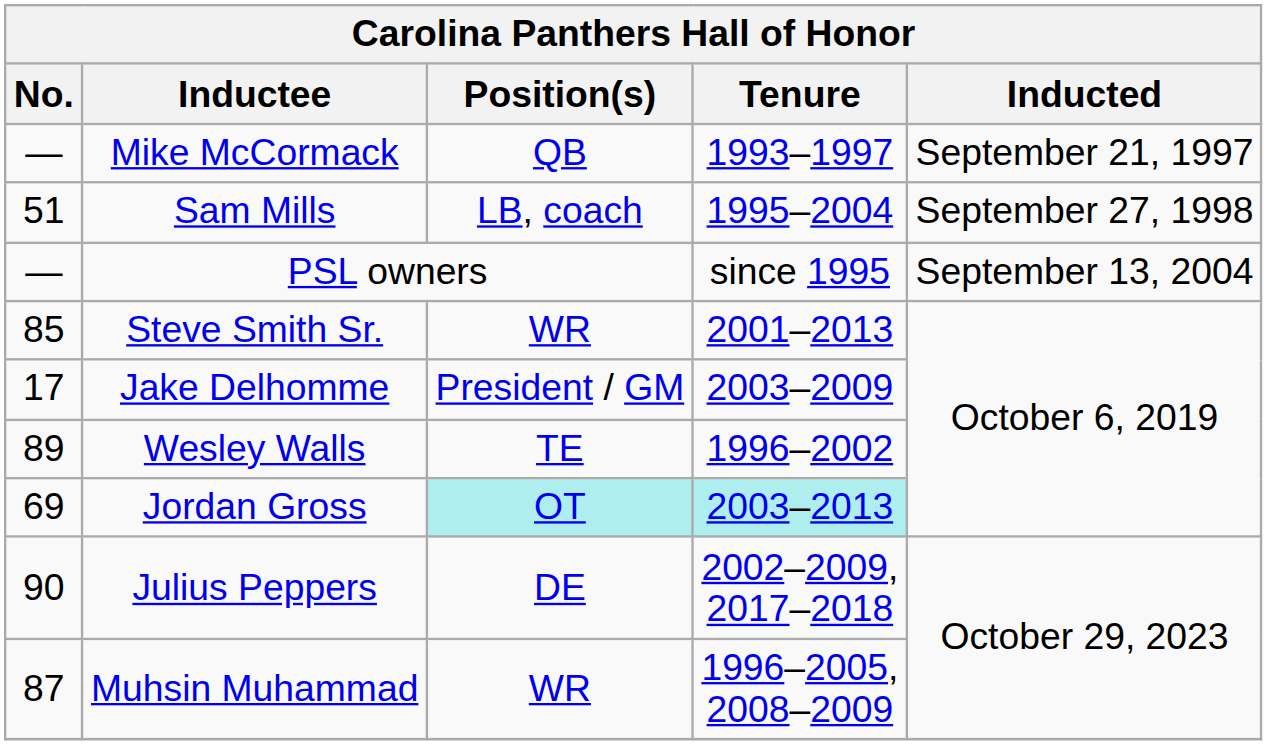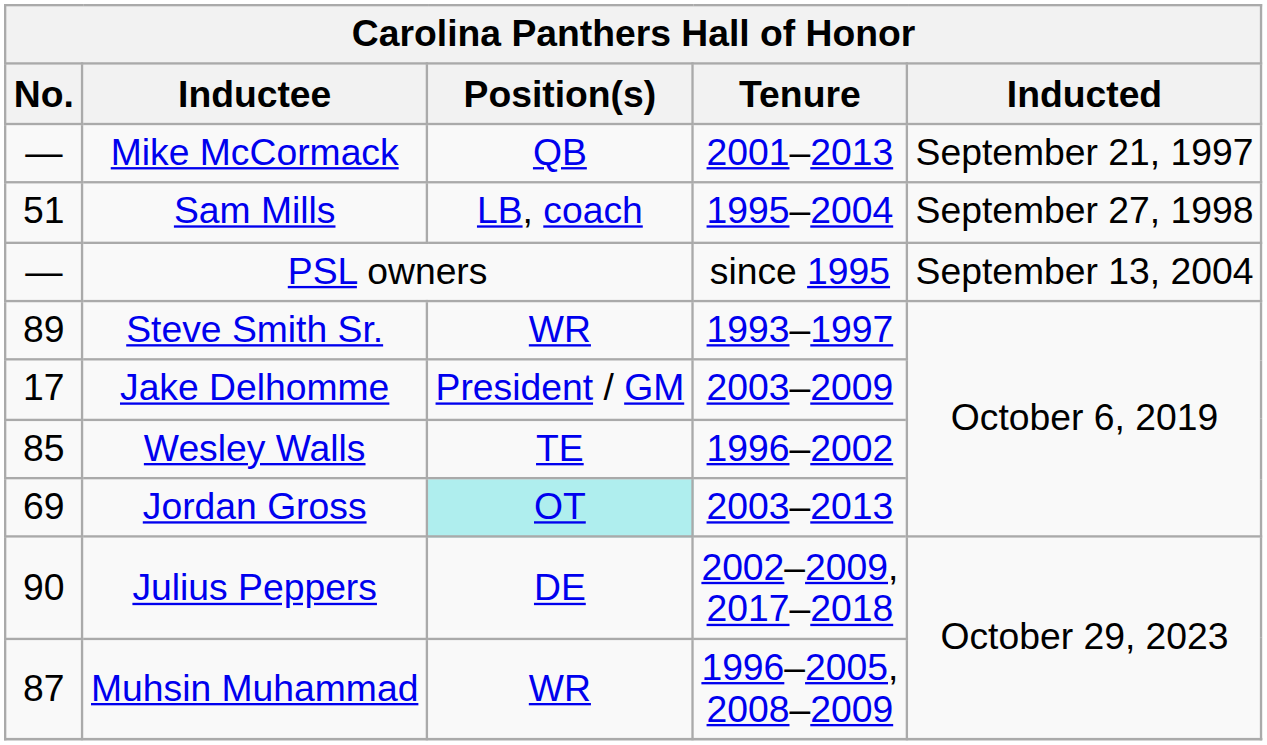 <table class="wikitable" style="text-align:center">
 <tr>
 <th colspan=5>Carolina Panthers Hall of Honor</th>
 </tr>
 <tr>
 <th>No.</th>
 <th>Inductee</th>
 <th>Position(s)</th>
 <th>Tenure</th>
 <th>Inducted</th>
 </tr>
 <tr>
 <td>—</td>
 <td><a href='#'>Mike McCormack</a></td>
 <td><a href='#'>QB</a></td>
-<td><a href='#'>1993</a>–<a href='#'>1997</a></td>
+<td><a href='#'>2001</a>–<a href='#'>2013</a></td>
 <td>September 21, 1997</td>
 </tr>
 <tr>
 <td>51</td>
 <td><a href='#'>Sam Mills</a></td>
 <td><a href='#'>LB</a>, <a href='#'>coach</a></td>
 <td><a href='#'>1995</a>–<a href='#'>2004</a></td>
 <td>September 27, 1998</td>
 </tr>
 <tr>
 <td>—</td>
 <td colspan=2><a href='#'>PSL</a> owners</td>
 <td>since <a href='#'>1995</a></td>
 <td>September 13, 2004</td>
 </tr>
 <tr>
-<td>85</td>
+<td>89</td>
 <td><a href='#'>Steve Smith Sr.</a></td>
 <td><a href='#'>WR</a></td>
-<td><a href='#'>2001</a>–<a href='#'>2013</a></td>
+<td><a href='#'>1993</a>–<a href='#'>1997</a></td>
 <td rowspan="4">October 6, 2019<br></td>
 </tr>
 <tr>
 <td>17</td>
 <td><a href='#'>Jake Delhomme</a></td>
 <td><a href='#'>President</a> / <a href='#'>GM</a></td>
 <td><a href='#'>2003</a>–<a href='#'>2009</a></td>
 </tr>
 <tr C>
-<td>89</td>
+<td>85</td>
 <td><a href='#'>Wesley Walls</a></td>
 <td><a href='#'>TE</a></td>
 <td><a href='#'>1996</a>–<a href='#'>2002</a></td>
 </tr>
 <tr>
 <td>69</td>
 <td><a href='#'>Jordan Gross</a></td>
 <td style="background: paleturquoise;"><a href='#'>OT</a></td>
-<td style="background: paleturquoise;"><a href='#'>2003</a>–<a href='#'>2013</a></td>
+<td><a href='#'>2003</a>–<a href='#'>2013</a></td>
 </tr>
 <tr>
 <td>90</td>
 <td><a href='#'>Julius Peppers</a></td>
 <td><a href='#'>DE</a></td>
 <td><a href='#'>2002</a>–<a href='#'>2009</a>, <br><a href='#'>2017</a>–<a href='#'>2018</a></td>
 <td rowspan="2">October 29, 2023</td>
 </tr>
 <tr>
 <td>87</td>
 <td><a href='#'>Muhsin Muhammad</a></td>
 <td><a href='#'>WR</a></td>
 <td><a href='#'>1996</a>–<a href='#'>2005</a>, <br><a href='#'>2008</a>–<a href='#'>2009</a></td>
 </tr>
 <tr>
 </tr>
 </table>
